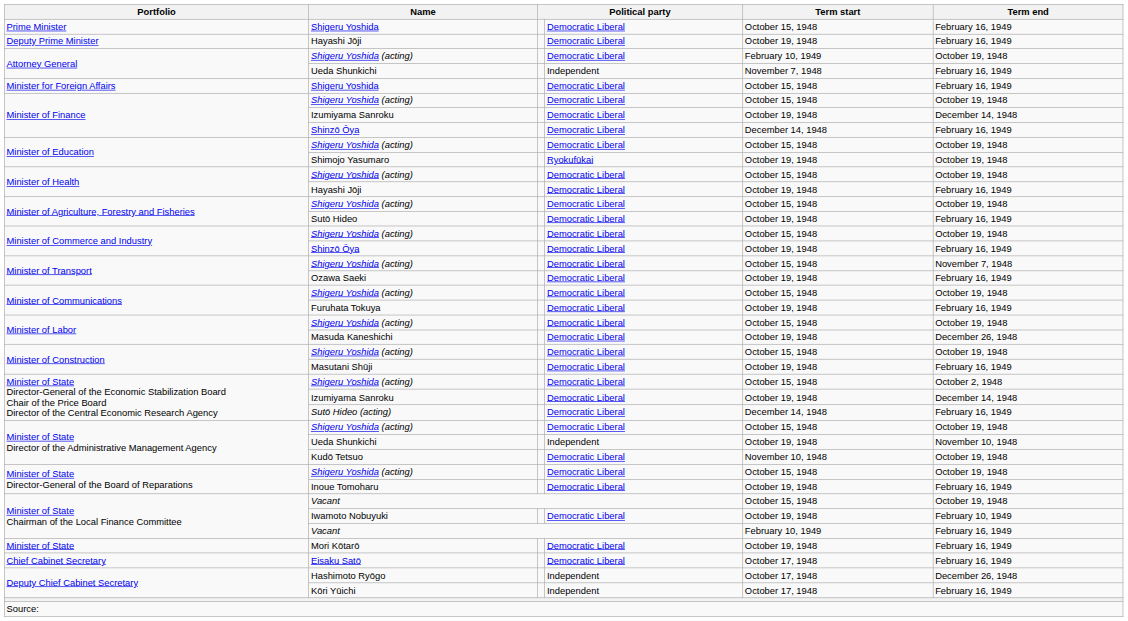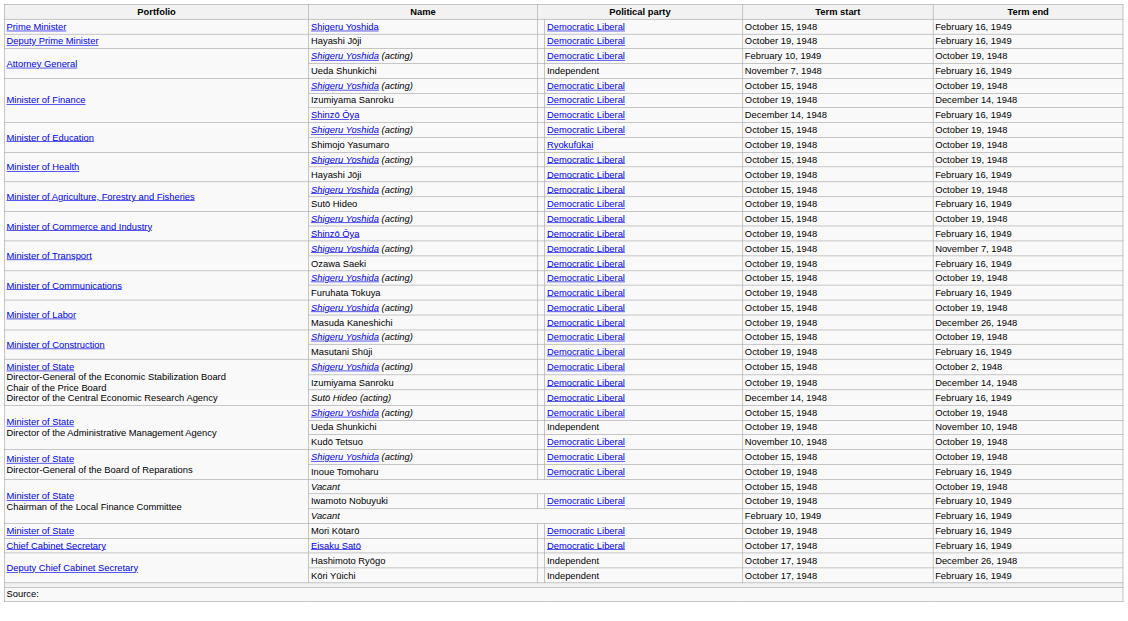 <table class="wikitable unsortable" style="font-size: 90%;">
 <tr>
 <th scope="col" width="20%">Portfolio</th>
 <th scope="col" width="15%">Name</th>
 <th colspan="2" scope="col" width="13.5%">Political party</th>
 <th scope="col" width="12.5%">Term start</th>
 <th scope="col" width="12.5%">Term end</th>
 </tr>
 <tr>
 <td style="text-align: left;"><a href='#'>Prime Minister</a></td>
 <td><a href='#'>Shigeru Yoshida</a></td>
 <td width="0.5%" style="background:"></td>
 <td><a href='#'>Democratic Liberal</a></td>
 <td>October 15, 1948</td>
 <td>February 16, 1949</td>
 </tr>
 <tr>
 <td><a href='#'>Deputy Prime Minister</a></td>
 <td>Hayashi Jōji</td>
 <td style="color:inherit;background:"></td>
 <td><a href='#'>Democratic Liberal</a></td>
 <td>October 19, 1948</td>
 <td>February 16, 1949</td>
 </tr>
 <tr>
 <td rowspan="2"><a href='#'>Attorney General</a></td>
 <td><em><a href='#'>Shigeru Yoshida</a> (acting)</em></td>
 <td style="color:inherit;background:"></td>
 <td><a href='#'>Democratic Liberal</a></td>
 <td>February 10, 1949</td>
 <td>October 19, 1948</td>
 </tr>
 <tr>
 <td>Ueda Shunkichi</td>
 <td style="color:inherit;background:"></td>
 <td>Independent</td>
 <td>November 7, 1948</td>
-<td>February 16, 1949</td>
-</tr>
-<tr>
-<td><a href='#'>Minister for Foreign Affairs</a></td>
-<td><a href='#'>Shigeru Yoshida</a></td>
-<td style="color:inherit;background:"></td>
-<td><a href='#'>Democratic Liberal</a></td>
-<td>October 15, 1948</td>
 <td>February 16, 1949</td>
 </tr>
 <tr>
 <td rowspan="3"><a href='#'>Minister of Finance</a></td>
 <td><em><a href='#'>Shigeru Yoshida</a> (acting)</em></td>
 <td style="color:inherit;background:"></td>
 <td><a href='#'>Democratic Liberal</a></td>
 <td>October 15, 1948</td>
 <td>October 19, 1948</td>
 </tr>
 <tr>
 <td>Izumiyama Sanroku</td>
 <td style="color:inherit;background:"></td>
 <td><a href='#'>Democratic Liberal</a></td>
 <td>October 19, 1948</td>
 <td>December 14, 1948</td>
 </tr>
 <tr>
 <td><a href='#'>Shinzō Ōya</a></td>
 <td style="color:inherit;background:"></td>
 <td><a href='#'>Democratic Liberal</a></td>
 <td>December 14, 1948</td>
 <td>February 16, 1949</td>
 </tr>
 <tr>
 <td rowspan="2"><a href='#'>Minister of Education</a></td>
 <td><em><a href='#'>Shigeru Yoshida</a> (acting)</em></td>
 <td style="color:inherit;background:"></td>
 <td><a href='#'>Democratic Liberal</a></td>
 <td>October 15, 1948</td>
 <td>October 19, 1948</td>
 </tr>
 <tr>
 <td>Shimojo Yasumaro</td>
 <td style="color:inherit;background:"></td>
 <td><a href='#'>Ryokufūkai</a></td>
 <td>October 19, 1948</td>
 <td>October 19, 1948</td>
 </tr>
 <tr>
 <td rowspan="2"><a href='#'>Minister of Health</a></td>
 <td><em><a href='#'>Shigeru Yoshida</a> (acting)</em></td>
 <td style="color:inherit;background:"></td>
 <td><a href='#'>Democratic Liberal</a></td>
 <td>October 15, 1948</td>
 <td>October 19, 1948</td>
 </tr>
 <tr>
 <td>Hayashi Jōji</td>
 <td style="color:inherit;background:"></td>
 <td><a href='#'>Democratic Liberal</a></td>
 <td>October 19, 1948</td>
 <td>February 16, 1949</td>
 </tr>
 <tr>
 <td rowspan="2"><a href='#'>Minister of Agriculture, Forestry and Fisheries</a></td>
 <td><em><a href='#'>Shigeru Yoshida</a> (acting)</em></td>
 <td style="color:inherit;background:"></td>
 <td><a href='#'>Democratic Liberal</a></td>
 <td>October 15, 1948</td>
 <td>October 19, 1948</td>
 </tr>
 <tr>
 <td>Sutō Hideo</td>
 <td style="color:inherit;background:"></td>
 <td><a href='#'>Democratic Liberal</a></td>
 <td>October 19, 1948</td>
 <td>February 16, 1949</td>
 </tr>
 <tr>
 <td rowspan="2"><a href='#'>Minister of Commerce and Industry</a></td>
 <td><em><a href='#'>Shigeru Yoshida</a> (acting)</em></td>
 <td style="color:inherit;background:"></td>
 <td><a href='#'>Democratic Liberal</a></td>
 <td>October 15, 1948</td>
 <td>October 19, 1948</td>
 </tr>
 <tr>
 <td><a href='#'>Shinzō Ōya</a></td>
 <td style="color:inherit;background:"></td>
 <td><a href='#'>Democratic Liberal</a></td>
 <td>October 19, 1948</td>
 <td>February 16, 1949</td>
 </tr>
 <tr>
 <td rowspan="2"><a href='#'>Minister of Transport</a></td>
 <td><em><a href='#'>Shigeru Yoshida</a> (acting)</em></td>
 <td style="color:inherit;background:"></td>
 <td><a href='#'>Democratic Liberal</a></td>
 <td>October 15, 1948</td>
 <td>November 7, 1948</td>
 </tr>
 <tr>
 <td>Ozawa Saeki</td>
 <td style="color:inherit;background:"></td>
 <td><a href='#'>Democratic Liberal</a></td>
 <td>October 19, 1948</td>
 <td>February 16, 1949</td>
 </tr>
 <tr>
 <td rowspan="2"><a href='#'>Minister of Communications</a></td>
 <td><em><a href='#'>Shigeru Yoshida</a> (acting)</em></td>
 <td style="color:inherit;background:"></td>
 <td><a href='#'>Democratic Liberal</a></td>
 <td>October 15, 1948</td>
 <td>October 19, 1948</td>
 </tr>
 <tr>
 <td>Furuhata Tokuya</td>
 <td style="color:inherit;background:"></td>
 <td><a href='#'>Democratic Liberal</a></td>
 <td>October 19, 1948</td>
 <td>February 16, 1949</td>
 </tr>
 <tr>
 <td rowspan="2"><a href='#'>Minister of Labor</a></td>
 <td><em><a href='#'>Shigeru Yoshida</a> (acting)</em></td>
 <td style="color:inherit;background:"></td>
 <td><a href='#'>Democratic Liberal</a></td>
 <td>October 15, 1948</td>
 <td>October 19, 1948</td>
 </tr>
 <tr>
 <td>Masuda Kaneshichi</td>
 <td style="color:inherit;background:"></td>
 <td><a href='#'>Democratic Liberal</a></td>
 <td>October 19, 1948</td>
 <td>December 26, 1948</td>
 </tr>
 <tr>
 <td rowspan="2"><a href='#'>Minister of Construction</a></td>
 <td><em><a href='#'>Shigeru Yoshida</a> (acting)</em></td>
 <td style="color:inherit;background:"></td>
 <td><a href='#'>Democratic Liberal</a></td>
 <td>October 15, 1948</td>
 <td>October 19, 1948</td>
 </tr>
 <tr>
 <td>Masutani Shūji</td>
 <td style="color:inherit;background:"></td>
 <td><a href='#'>Democratic Liberal</a></td>
 <td>October 19, 1948</td>
 <td>February 16, 1949</td>
 </tr>
 <tr>
 <td rowspan="3"><a href='#'>Minister of State</a><br>Director-General of the Economic Stabilization Board<br>Chair of the Price Board<br>Director of the Central Economic Research Agency</td>
 <td><em><a href='#'>Shigeru Yoshida</a> (acting)</em></td>
 <td style="color:inherit;background:"></td>
 <td><a href='#'>Democratic Liberal</a></td>
 <td>October 15, 1948</td>
 <td>October 2, 1948</td>
 </tr>
 <tr>
 <td>Izumiyama Sanroku</td>
 <td style="color:inherit;background:"></td>
 <td><a href='#'>Democratic Liberal</a></td>
 <td>October 19, 1948</td>
 <td>December 14, 1948</td>
 </tr>
 <tr>
 <td><em>Sutō Hideo (acting)</em></td>
 <td style="color:inherit;background:"></td>
 <td><a href='#'>Democratic Liberal</a></td>
 <td>December 14, 1948</td>
 <td>February 16, 1949</td>
 </tr>
 <tr>
 <td rowspan="3"><a href='#'>Minister of State</a><br>Director of the Administrative Management Agency</td>
 <td><em><a href='#'>Shigeru Yoshida</a> (acting)</em></td>
 <td style="color:inherit;background:"></td>
 <td><a href='#'>Democratic Liberal</a></td>
 <td>October 15, 1948</td>
 <td>October 19, 1948</td>
 </tr>
 <tr>
 <td>Ueda Shunkichi</td>
 <td style="color:inherit;background:"></td>
 <td>Independent</td>
 <td>October 19, 1948</td>
 <td>November 10, 1948</td>
 </tr>
 <tr>
 <td>Kudō Tetsuo</td>
 <td style="color:inherit;background:"></td>
 <td><a href='#'>Democratic Liberal</a></td>
 <td>November 10, 1948</td>
 <td>October 19, 1948</td>
 </tr>
 <tr>
 <td rowspan="2"><a href='#'>Minister of State</a><br>Director-General of the Board of Reparations</td>
 <td><em><a href='#'>Shigeru Yoshida</a> (acting)</em></td>
 <td style="color:inherit;background:"></td>
 <td><a href='#'>Democratic Liberal</a></td>
 <td>October 15, 1948</td>
 <td>October 19, 1948</td>
 </tr>
 <tr>
 <td>Inoue Tomoharu</td>
 <td style="color:inherit;background:"></td>
 <td><a href='#'>Democratic Liberal</a></td>
 <td>October 19, 1948</td>
 <td>February 16, 1949</td>
 </tr>
 <tr>
 <td rowspan="3"><a href='#'>Minister of State</a><br>Chairman of the Local Finance Committee</td>
 <td colspan="3"><em>Vacant</em></td>
 <td>October 15, 1948</td>
 <td>October 19, 1948</td>
 </tr>
 <tr>
 <td>Iwamoto Nobuyuki</td>
 <td style="color:inherit;background:"></td>
 <td><a href='#'>Democratic Liberal</a></td>
 <td>October 19, 1948</td>
 <td>February 10, 1949</td>
 </tr>
 <tr>
 <td colspan="3"><em>Vacant</em></td>
 <td>February 10, 1949</td>
 <td>February 16, 1949</td>
 </tr>
 <tr>
 <td><a href='#'>Minister of State</a></td>
 <td>Mori Kōtarō</td>
 <td style="color:inherit;background:"></td>
 <td><a href='#'>Democratic Liberal</a></td>
 <td>October 19, 1948</td>
 <td>February 16, 1949</td>
 </tr>
 <tr>
 <td><a href='#'>Chief Cabinet Secretary</a></td>
 <td><a href='#'>Eisaku Satō</a></td>
 <td style="color:inherit;background:"></td>
 <td><a href='#'>Democratic Liberal</a></td>
 <td>October 17, 1948</td>
 <td>February 16, 1949</td>
 </tr>
 <tr>
 <td rowspan="2"><a href='#'>Deputy Chief Cabinet Secretary</a></td>
 <td>Hashimoto Ryōgo</td>
 <td style="color:inherit;background:"></td>
 <td>Independent</td>
 <td>October 17, 1948</td>
 <td>December 26, 1948</td>
 </tr>
 <tr>
 <td>Kōri Yūichi</td>
 <td style="color:inherit;background:"></td>
 <td>Independent</td>
 <td>October 17, 1948</td>
 <td>February 16, 1949</td>
 </tr>
 <tr>
 <th colspan="6"></th>
 </tr>
 <tr>
 <td colspan="6">Source:</td>
 </tr>
 </table>
